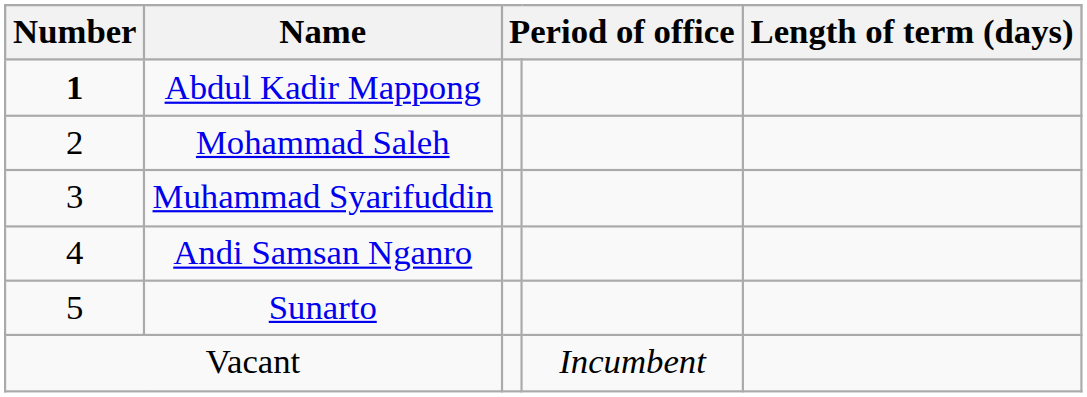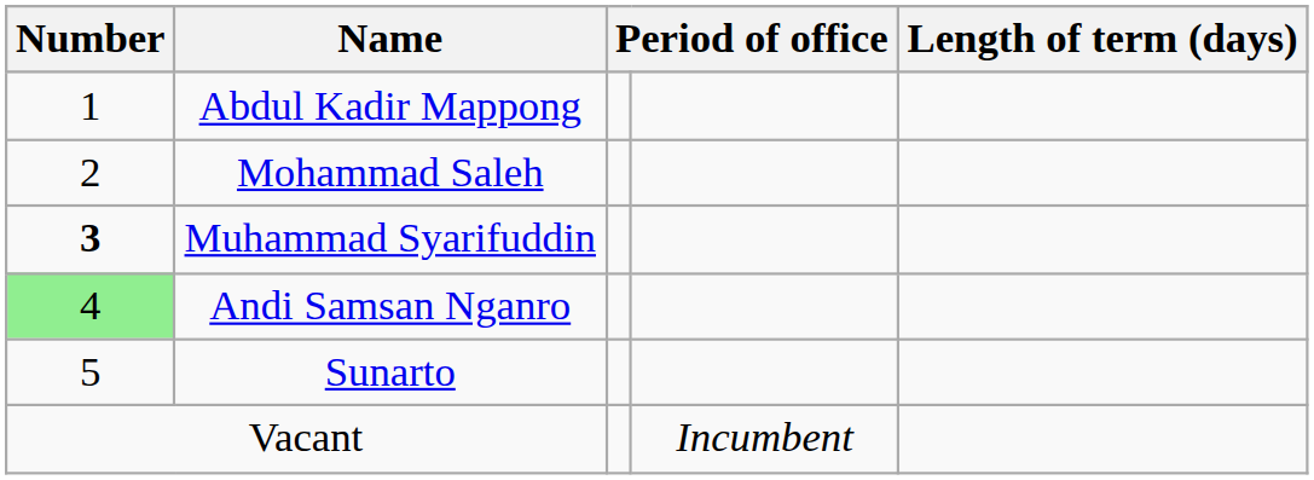 <table class="sortable wikitable ">
 <tr style="background:#B5B5B5">
 <th>Number</th>
 <th class="unsortable">Name</th>
 <th class="unsortable" colspan="2">Period of office</th>
 <th>Length of term (days)</th>
 </tr>
 <tr align="center">
-<td><strong>1</strong></td>
+<td>1</td>
 <td><a href='#'>Abdul Kadir Mappong</a></td>
 <td></td>
 <td></td>
 <td></td>
 </tr>
 <tr align="center">
 <td>2</td>
 <td><a href='#'>Mohammad Saleh</a></td>
 <td></td>
 <td></td>
 <td></td>
 </tr>
 <tr align="center">
-<td>3</td>
+<td><strong>3</strong></td>
 <td><a href='#'>Muhammad Syarifuddin</a></td>
 <td></td>
 <td></td>
 <td></td>
 </tr>
 <tr align="center">
-<td>4</td>
+<td style="background: lightgreen;">4</td>
 <td><a href='#'>Andi Samsan Nganro</a></td>
 <td></td>
 <td></td>
 <td></td>
 </tr>
 <tr align="center">
 <td>5</td>
 <td><a href='#'>Sunarto</a></td>
 <td></td>
 <td></td>
 <td></td>
 </tr>
 <tr align="center">
 <td colspan="2">Vacant</td>
 <td></td>
 <td><em>Incumbent</em></td>
 <td></td>
 </tr>
 </table>
